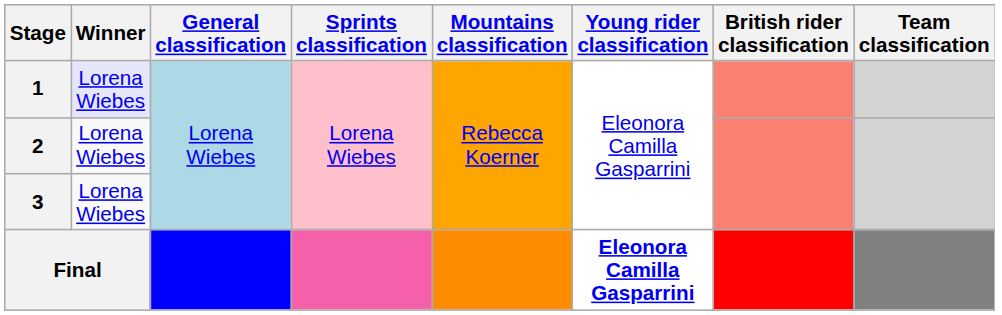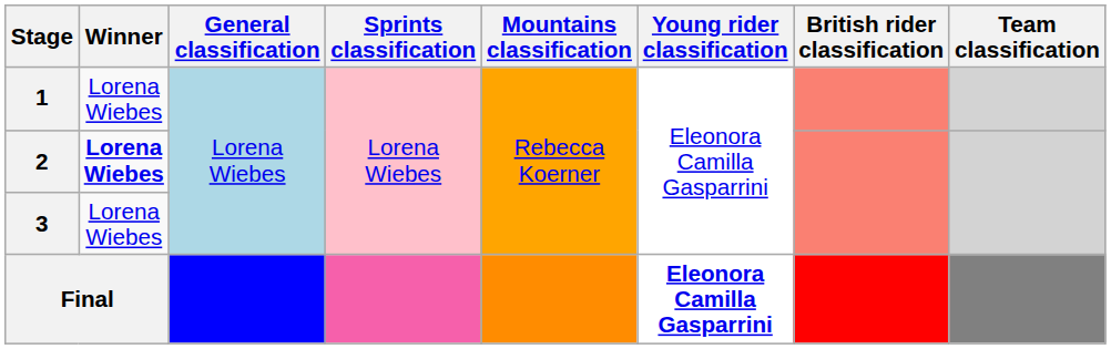 <table class="wikitable" style="text-align: center; font-size:smaller;">
 <tr style="background:#efefef;">
 <th scope="col" style="width:2%;">Stage</th>
 <th scope="col" style="width:14%;">Winner</th>
 <th scope="col" style="width:14%;"><a href='#'>General classification</a><br></th>
 <th scope="col" style="width:14%;"><a href='#'>Sprints classification</a><br></th>
 <th scope="col" style="width:14%;"><a href='#'>Mountains classification</a><br></th>
 <th scope="col" style="width:14%;"><a href='#'>Young rider classification</a><br></th>
 <th scope="col" style="width:14%;">British rider classification</th>
 <th scope="col" style="width:14%;">Team classification</th>
 </tr>
 <tr>
 <th>1</th>
-<td style="background: lavender;"><a href='#'>Lorena Wiebes</a></td>
+<td><a href='#'>Lorena Wiebes</a></td>
 <td style="background:lightblue;" rowspan="3"><a href='#'>Lorena Wiebes</a></td>
 <td style="background:pink;" rowspan="3"><a href='#'>Lorena Wiebes</a></td>
 <td style="background:orange;" rowspan="3"><a href='#'>Rebecca Koerner</a></td>
 <td style="background:white;" rowspan="3"><a href='#'>Eleonora Camilla Gasparrini</a></td>
 <td style="background:Salmon;"></td>
 <td style="background:lightgrey;"></td>
 </tr>
 <tr>
 <th>2</th>
-<td><a href='#'>Lorena Wiebes</a></td>
+<td><strong><a href='#'>Lorena Wiebes</a></strong></td>
 <td style="background:Salmon;" rowspan="2"></td>
 <td style="background:lightgrey;"rowspan="2"></td>
 </tr>
 <tr>
 <th>3</th>
 <td><a href='#'>Lorena Wiebes</a></td>
 </tr>
 <tr>
 <th colspan="2">Final</th>
 <th style="background:blue;"></th>
 <th style="background:#F660AB;"></th>
 <th style="background:DarkOrange;"></th>
 <th style="background:white;"><a href='#'>Eleonora Camilla Gasparrini</a></th>
 <th style="background:red;"></th>
 <th style="background:grey;"></th>
 </tr>
 </table>
